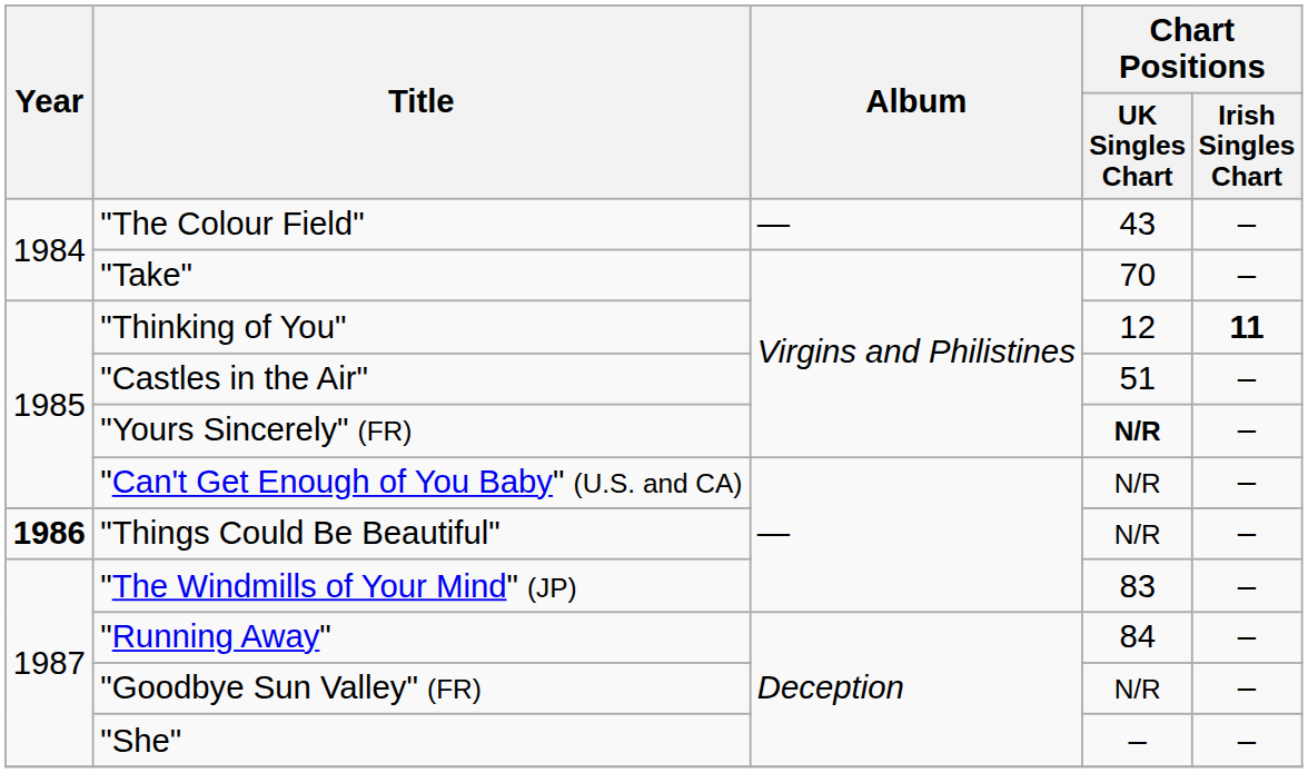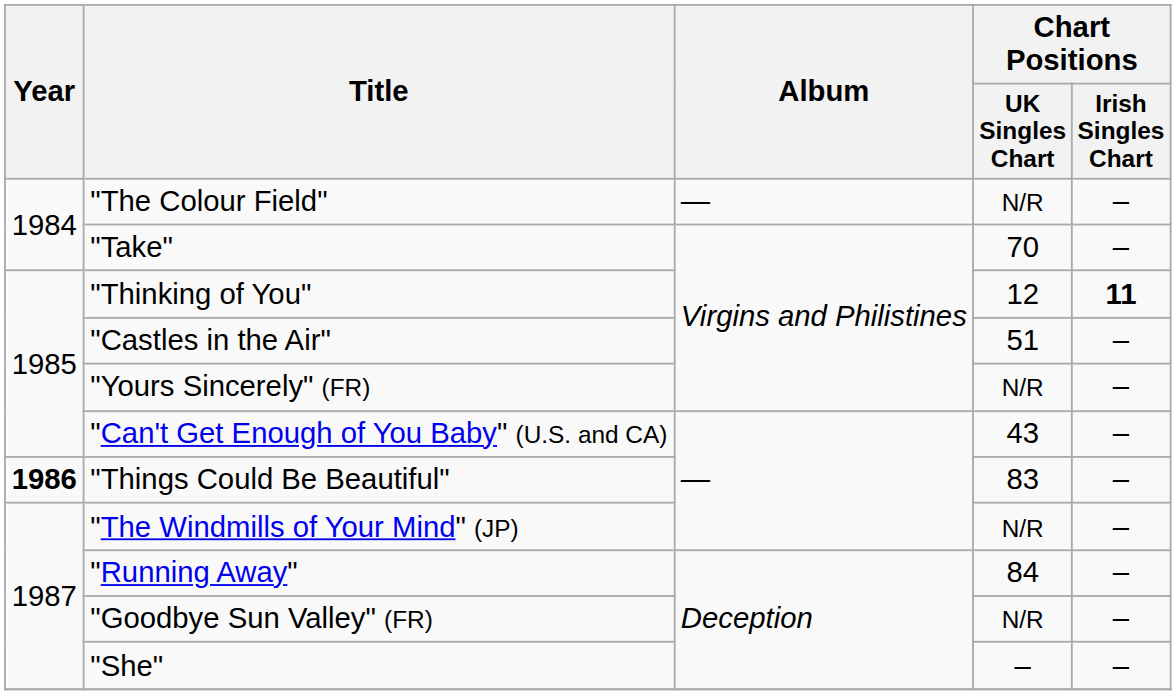 <table class="wikitable" style=text-align:center;>
 <tr>
 <th rowspan="2">Year</th>
 <th rowspan="2">Title</th>
 <th rowspan="2">Album</th>
 <th colspan="2">Chart Positions</th>
 </tr>
 <tr style="font-size:smaller;">
 <th width="30">UK Singles Chart<br></th>
 <th width="30">Irish Singles Chart<br></th>
 </tr>
 <tr>
 <td rowspan=2>1984</td>
 <td align=left>"The Colour Field"</td>
 <td align=left>—</td>
-<td>43</td>
+<td><small>N/R</small></td>
 <td>–</td>
 </tr>
 <tr>
 <td align=left>"Take"</td>
 <td align=left rowspan=4><em>Virgins and Philistines</em></td>
 <td>70</td>
 <td>–</td>
 </tr>
 <tr>
 <td rowspan=4>1985</td>
 <td align=left>"Thinking of You"</td>
 <td>12</td>
 <td><strong>11</strong></td>
 </tr>
 <tr>
 <td align=left>"Castles in the Air"</td>
 <td>51</td>
 <td>–</td>
 </tr>
 <tr>
 <td align=left>"Yours Sincerely" <small>(FR)</small></td>
-<td><strong><small>N/R</small></strong></td>
+<td><small>N/R</small></td>
 <td>–</td>
 </tr>
 <tr>
 <td align=left>"<a href='#'>Can't Get Enough of You Baby</a>" <small>(U.S. and CA)</small></td>
 <td align=left rowspan=3>—</td>
-<td><small>N/R</small></td>
+<td>43</td>
 <td>–</td>
 </tr>
 <tr>
 <td><strong>1986</strong></td>
 <td align=left>"Things Could Be Beautiful"</td>
-<td><small>N/R</small></td>
+<td>83</td>
 <td>–</td>
 </tr>
 <tr>
 <td rowspan=4>1987</td>
 <td align=left>"<a href='#'>The Windmills of Your Mind</a>" <small>(JP)</small></td>
-<td>83</td>
+<td><small>N/R</small></td>
 <td>–</td>
 </tr>
 <tr>
 <td align=left>"<a href='#'>Running Away</a>"</td>
 <td align=left rowspan=3><em>Deception</em></td>
 <td>84</td>
 <td>–</td>
 </tr>
 <tr>
 <td align=left>"Goodbye Sun Valley" <small>(FR)</small></td>
 <td><small>N/R</small></td>
 <td>–</td>
 </tr>
 <tr>
 <td align=left>"She"</td>
 <td>–</td>
 <td>–</td>
 </tr>
 <tr>
 </tr>
 </table>
